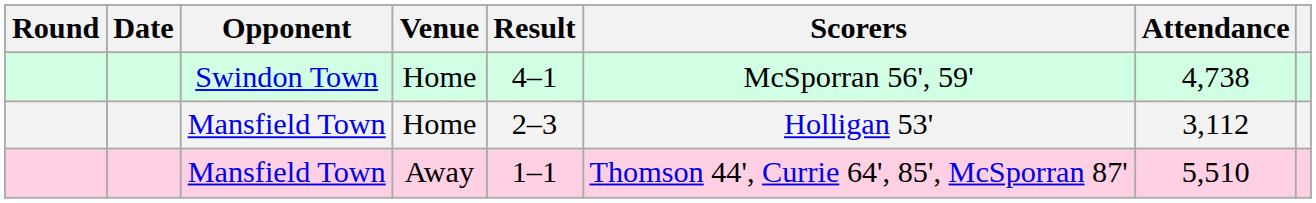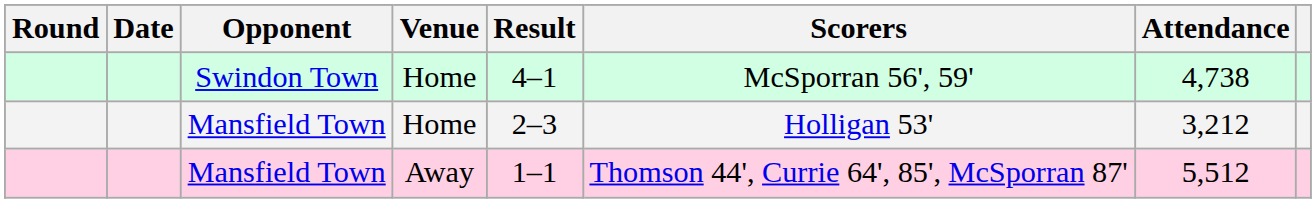 <table class="wikitable sortable" style="text-align:center;">
 <tr>
 <th>Round</th>
 <th>Date</th>
 <th>Opponent</th>
 <th>Venue</th>
 <th>Result</th>
 <th class="unsortable">Scorers</th>
 <th>Attendance</th>
 <th class="unsortable"></th>
 </tr>
 <tr style="background-color: #d0ffe3;">
 <td></td>
 <td></td>
 <td><a href='#'>Swindon Town</a></td>
 <td>Home</td>
 <td>4–1</td>
 <td>McSporran 56', 59'</td>
 <td>4,738</td>
 <td></td>
 </tr>
 <tr style="background-color: #f3f3f3;">
 <td></td>
 <td></td>
 <td><a href='#'>Mansfield Town</a></td>
 <td>Home</td>
 <td>2–3</td>
 <td><a href='#'>Holligan</a> 53'</td>
-<td>3,112</td>
+<td>3,212</td>
 <td></td>
 </tr>
 <tr style="background-color: #ffd0e3;">
 <td></td>
 <td></td>
 <td><a href='#'>Mansfield Town</a></td>
 <td>Away</td>
 <td>1–1</td>
 <td><a href='#'>Thomson</a> 44', <a href='#'>Currie</a> 64', 85', <a href='#'>McSporran</a> 87'</td>
-<td>5,510</td>
+<td>5,512</td>
 <td></td>
 </tr>
 </table>
